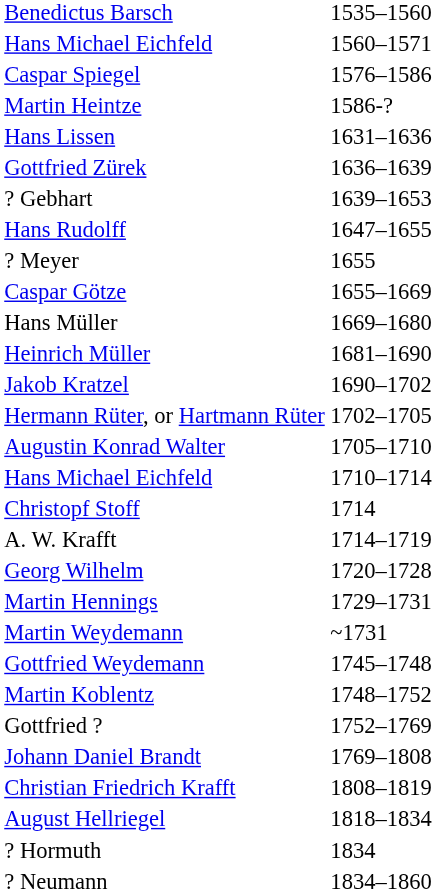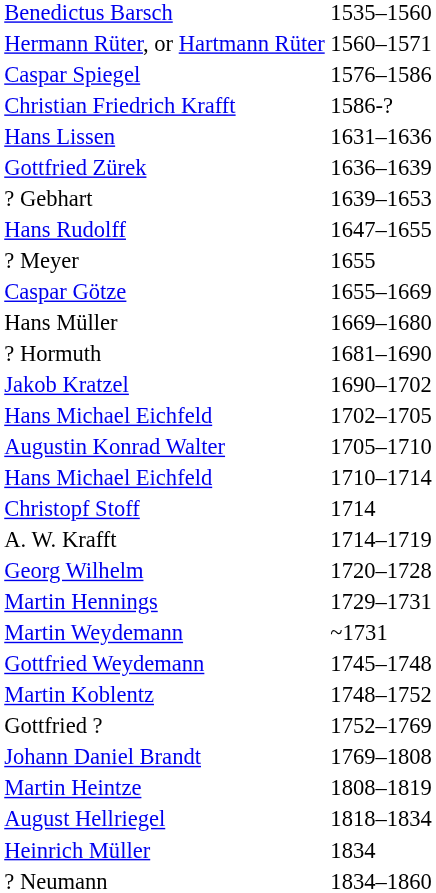 <table>
 <tr>
 <td><a href='#'>Benedictus Barsch</a></td>
 <td>1535–1560</td>
 </tr>
 <tr>
-<td><a href='#'>Hans Michael Eichfeld</a></td>
+<td><a href='#'>Hermann Rüter</a>, or <a href='#'>Hartmann Rüter</a></td>
 <td>1560–1571</td>
 </tr>
 <tr>
 <td><a href='#'>Caspar Spiegel</a></td>
 <td>1576–1586</td>
 </tr>
 <tr>
-<td><a href='#'>Martin Heintze</a></td>
+<td><a href='#'>Christian Friedrich Krafft</a></td>
 <td>1586-?</td>
 </tr>
 <tr>
 <td><a href='#'>Hans Lissen</a></td>
 <td>1631–1636</td>
 </tr>
 <tr>
 <td><a href='#'>Gottfried Zürek</a></td>
 <td>1636–1639</td>
 </tr>
 <tr>
 <td>? Gebhart</td>
 <td>1639–1653</td>
 </tr>
 <tr>
 <td><a href='#'>Hans Rudolff</a></td>
 <td>1647–1655</td>
 </tr>
 <tr>
 <td>? Meyer</td>
 <td>1655</td>
 </tr>
 <tr>
 <td><a href='#'>Caspar Götze</a></td>
 <td>1655–1669</td>
 </tr>
 <tr>
 <td>Hans Müller</td>
 <td>1669–1680</td>
 </tr>
 <tr>
-<td><a href='#'>Heinrich Müller</a></td>
+<td>? Hormuth</td>
 <td>1681–1690</td>
 </tr>
 <tr>
 <td><a href='#'>Jakob Kratzel</a></td>
 <td>1690–1702</td>
 </tr>
 <tr>
-<td><a href='#'>Hermann Rüter</a>, or <a href='#'>Hartmann Rüter</a></td>
+<td><a href='#'>Hans Michael Eichfeld</a></td>
 <td>1702–1705</td>
 </tr>
 <tr>
 <td><a href='#'>Augustin Konrad Walter</a></td>
 <td>1705–1710</td>
 </tr>
 <tr>
 <td><a href='#'>Hans Michael Eichfeld</a></td>
 <td>1710–1714</td>
 </tr>
 <tr>
 <td><a href='#'>Christopf Stoff</a></td>
 <td>1714</td>
 </tr>
 <tr>
 <td>A. W. Krafft</td>
 <td>1714–1719</td>
 </tr>
 <tr>
 <td><a href='#'>Georg Wilhelm</a></td>
 <td>1720–1728</td>
 </tr>
 <tr>
 <td><a href='#'>Martin Hennings</a></td>
 <td>1729–1731</td>
 </tr>
 <tr>
 <td><a href='#'>Martin Weydemann</a></td>
 <td>~1731</td>
 </tr>
 <tr>
 <td><a href='#'>Gottfried Weydemann</a></td>
 <td>1745–1748</td>
 </tr>
 <tr>
 <td><a href='#'>Martin Koblentz</a></td>
 <td>1748–1752</td>
 </tr>
 <tr>
 <td>Gottfried ?</td>
 <td>1752–1769</td>
 </tr>
 <tr>
 <td><a href='#'>Johann Daniel Brandt</a></td>
 <td>1769–1808</td>
 </tr>
 <tr>
-<td><a href='#'>Christian Friedrich Krafft</a></td>
+<td><a href='#'>Martin Heintze</a></td>
 <td>1808–1819</td>
 </tr>
 <tr>
 <td><a href='#'>August Hellriegel</a></td>
 <td>1818–1834</td>
 </tr>
 <tr>
-<td>? Hormuth</td>
+<td><a href='#'>Heinrich Müller</a></td>
 <td>1834</td>
 </tr>
 <tr>
 <td>? Neumann</td>
 <td>1834–1860</td>
 </tr>
 <tr>
 </tr>
 </table>
